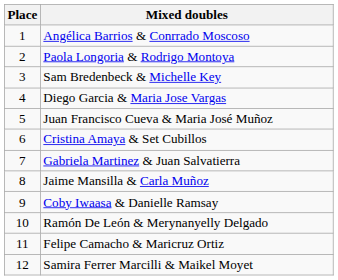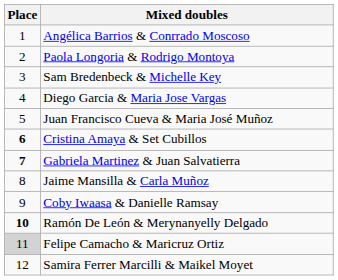 <table class=wikitable style="text-align:center">
 <tr>
 <th width=25>Place</th>
 <th width=350>Mixed doubles</th>
 </tr>
 <tr>
 <td>1</td>
 <td align=left> <a href='#'>Angélica Barrios</a> & <a href='#'>Conrrado Moscoso</a></td>
 </tr>
 <tr>
 <td>2</td>
 <td align=left> <a href='#'>Paola Longoria</a> & <a href='#'>Rodrigo Montoya</a></td>
 </tr>
 <tr>
 <td>3</td>
 <td align=left> Sam Bredenbeck & <a href='#'>Michelle Key</a></td>
 </tr>
 <tr>
 <td>4</td>
 <td align=left> Diego Garcia & <a href='#'>Maria Jose Vargas</a></td>
 </tr>
 <tr>
 <td>5</td>
 <td align=left> Juan Francisco Cueva & Maria José Muñoz</td>
 </tr>
 <tr>
-<td>6</td>
+<td><strong>6</strong></td>
 <td align=left> <a href='#'>Cristina Amaya</a> & Set Cubillos</td>
 </tr>
 <tr>
-<td>7</td>
+<td><strong>7</strong></td>
 <td align=left> <a href='#'>Gabriela Martinez</a> & Juan Salvatierra</td>
 </tr>
 <tr>
 <td>8</td>
 <td align=left> Jaime Mansilla & <a href='#'>Carla Muñoz</a></td>
 </tr>
 <tr>
 <td>9</td>
 <td align=left> <a href='#'>Coby Iwaasa</a> & Danielle Ramsay</td>
 </tr>
 <tr>
-<td>10</td>
+<td><strong>10</strong></td>
 <td align=left> Ramón De León & Merynanyelly Delgado</td>
 </tr>
 <tr>
-<td>11</td>
+<td style="background: lightgrey;">11</td>
 <td align=left> Felipe Camacho & Maricruz Ortiz</td>
 </tr>
 <tr>
 <td>12</td>
 <td align=left> Samira Ferrer Marcilli & Maikel Moyet</td>
 </tr>
 </table>
